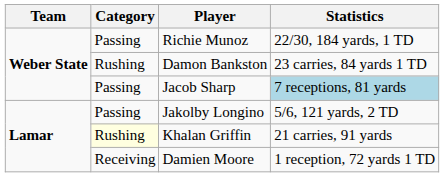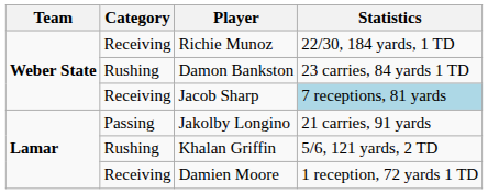 <table class="wikitable" style="float: right;">
 <tr>
 <th>Team</th>
 <th>Category</th>
 <th>Player</th>
 <th>Statistics</th>
 </tr>
 <tr>
 <td rowspan=3><strong>Weber State</strong></td>
-<td>Passing</td>
+<td>Receiving</td>
 <td>Richie Munoz</td>
 <td>22/30, 184 yards, 1 TD</td>
 </tr>
 <tr>
 <td>Rushing</td>
 <td>Damon Bankston</td>
 <td>23 carries, 84 yards 1 TD</td>
 </tr>
 <tr>
-<td>Passing</td>
+<td>Receiving</td>
 <td>Jacob Sharp</td>
 <td style="background: lightblue;">7 receptions, 81 yards</td>
 </tr>
 <tr>
 <td rowspan=3><strong>Lamar</strong></td>
 <td>Passing</td>
 <td>Jakolby Longino</td>
-<td>5/6, 121 yards, 2 TD</td>
+<td>21 carries, 91 yards</td>
 </tr>
 <tr>
-<td style="background: lightyellow;">Rushing</td>
+<td>Rushing</td>
 <td>Khalan Griffin</td>
-<td>21 carries, 91 yards</td>
+<td>5/6, 121 yards, 2 TD</td>
 </tr>
 <tr>
 <td>Receiving</td>
 <td>Damien Moore</td>
 <td>1 reception, 72 yards 1 TD</td>
 </tr>
 </table>
